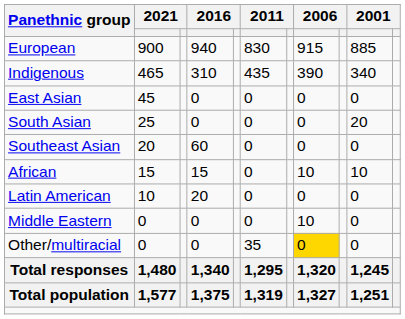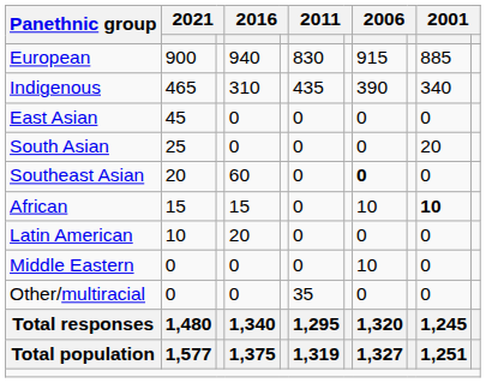 <table class="wikitable collapsible sortable">
 <tr>
 <th rowspan="2"><a href='#'>Panethnic</a> group</th>
 <th colspan="2">2021</th>
 <th colspan="2">2016</th>
 <th colspan="2">2011</th>
 <th colspan="2">2006</th>
 <th colspan="2">2001</th>
 </tr>
 <tr>
 <th><a href='#'></a></th>
 <th></th>
 <th></th>
 <th></th>
 <th></th>
 <th></th>
 <th></th>
 <th></th>
 <th></th>
 <th></th>
 </tr>
 <tr>
 <td><a href='#'>European</a></td>
 <td>900</td>
 <td></td>
 <td>940</td>
 <td></td>
 <td>830</td>
 <td></td>
 <td>915</td>
 <td></td>
 <td>885</td>
 <td></td>
 </tr>
 <tr>
 <td><a href='#'>Indigenous</a></td>
 <td>465</td>
 <td></td>
 <td>310</td>
 <td></td>
 <td>435</td>
 <td></td>
 <td>390</td>
 <td></td>
 <td>340</td>
 <td></td>
 </tr>
 <tr>
 <td><a href='#'>East Asian</a></td>
 <td>45</td>
 <td></td>
 <td>0</td>
 <td></td>
 <td>0</td>
 <td></td>
 <td>0</td>
 <td></td>
 <td>0</td>
 <td></td>
 </tr>
 <tr>
 <td><a href='#'>South Asian</a></td>
 <td>25</td>
 <td></td>
 <td>0</td>
 <td></td>
 <td>0</td>
 <td></td>
 <td>0</td>
 <td></td>
 <td>20</td>
 <td></td>
 </tr>
 <tr>
 <td><a href='#'>Southeast Asian</a></td>
 <td>20</td>
 <td></td>
 <td>60</td>
 <td></td>
 <td>0</td>
 <td></td>
-<td>0</td>
+<td><strong>0</strong></td>
 <td></td>
 <td>0</td>
 <td></td>
 </tr>
 <tr>
 <td><a href='#'>African</a></td>
 <td>15</td>
 <td></td>
 <td>15</td>
 <td></td>
 <td>0</td>
 <td></td>
 <td>10</td>
 <td></td>
-<td>10</td>
+<td><strong>10</strong></td>
 <td></td>
 </tr>
 <tr>
 <td><a href='#'>Latin American</a></td>
 <td>10</td>
 <td></td>
 <td>20</td>
 <td></td>
 <td>0</td>
 <td></td>
 <td>0</td>
 <td></td>
 <td>0</td>
 <td></td>
 </tr>
 <tr>
 <td><a href='#'>Middle Eastern</a></td>
 <td>0</td>
 <td></td>
 <td>0</td>
 <td></td>
 <td>0</td>
 <td></td>
 <td>10</td>
 <td></td>
 <td>0</td>
 <td></td>
 </tr>
 <tr>
 <td>Other/<a href='#'>multiracial</a></td>
 <td>0</td>
 <td></td>
 <td>0</td>
 <td></td>
 <td>35</td>
 <td></td>
-<td style="background: gold;">0</td>
+<td>0</td>
 <td></td>
 <td>0</td>
 <td></td>
 </tr>
 <tr>
 <th>Total responses</th>
 <th>1,480</th>
 <th></th>
 <th>1,340</th>
 <th></th>
 <th>1,295</th>
 <th></th>
 <th>1,320</th>
 <th></th>
 <th>1,245</th>
 <th></th>
 </tr>
 <tr class="sortbottom">
 <th>Total population</th>
 <th>1,577</th>
 <th></th>
 <th>1,375</th>
 <th></th>
 <th>1,319</th>
 <th></th>
 <th>1,327</th>
 <th></th>
 <th>1,251</th>
 <th></th>
 </tr>
 <tr class="sortbottom">
 <td colspan="11"></td>
 </tr>
 </table>
